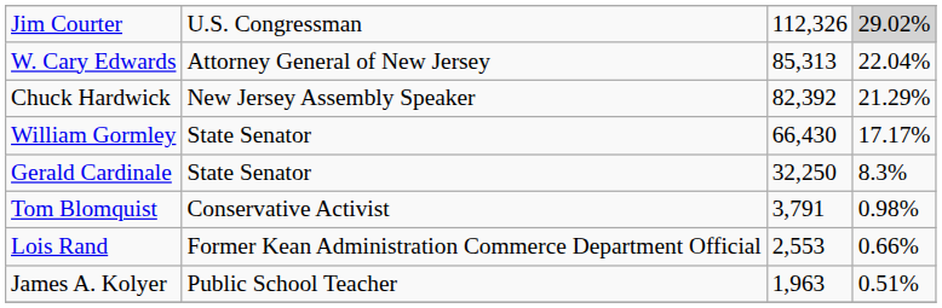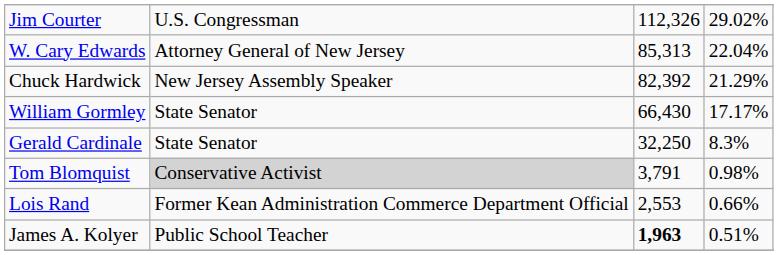 <table class="wikitable">
 <tr>
 </tr>
 <tr ! Candidate !! Office !! Votes>
 </tr>
 <tr>
 <td><a href='#'>Jim Courter</a></td>
 <td>U.S. Congressman</td>
 <td>112,326</td>
-<td style="background: lightgrey;">29.02%</td>
+<td>29.02%</td>
 </tr>
 <tr>
 <td><a href='#'>W. Cary Edwards</a></td>
 <td>Attorney General of New Jersey</td>
 <td>85,313</td>
 <td>22.04%</td>
 </tr>
 <tr>
 <td>Chuck Hardwick</td>
 <td>New Jersey Assembly Speaker</td>
 <td>82,392</td>
 <td>21.29%</td>
 </tr>
 <tr>
 <td><a href='#'>William Gormley</a></td>
 <td>State Senator</td>
 <td>66,430</td>
 <td>17.17%</td>
 </tr>
 <tr>
 <td><a href='#'>Gerald Cardinale</a></td>
 <td>State Senator</td>
 <td>32,250</td>
 <td>8.3%</td>
 </tr>
 <tr>
 <td><a href='#'>Tom Blomquist</a></td>
-<td>Conservative Activist</td>
+<td style="background: lightgrey;">Conservative Activist</td>
 <td>3,791</td>
 <td>0.98%</td>
 </tr>
 <tr>
 <td><a href='#'>Lois Rand</a></td>
 <td>Former Kean Administration Commerce Department Official</td>
 <td>2,553</td>
 <td>0.66%</td>
 </tr>
 <tr>
 <td>James A. Kolyer</td>
 <td>Public School Teacher</td>
-<td>1,963</td>
+<td><strong>1,963</strong></td>
 <td>0.51%</td>
 </tr>
 <tr>
 </tr>
 </table>
